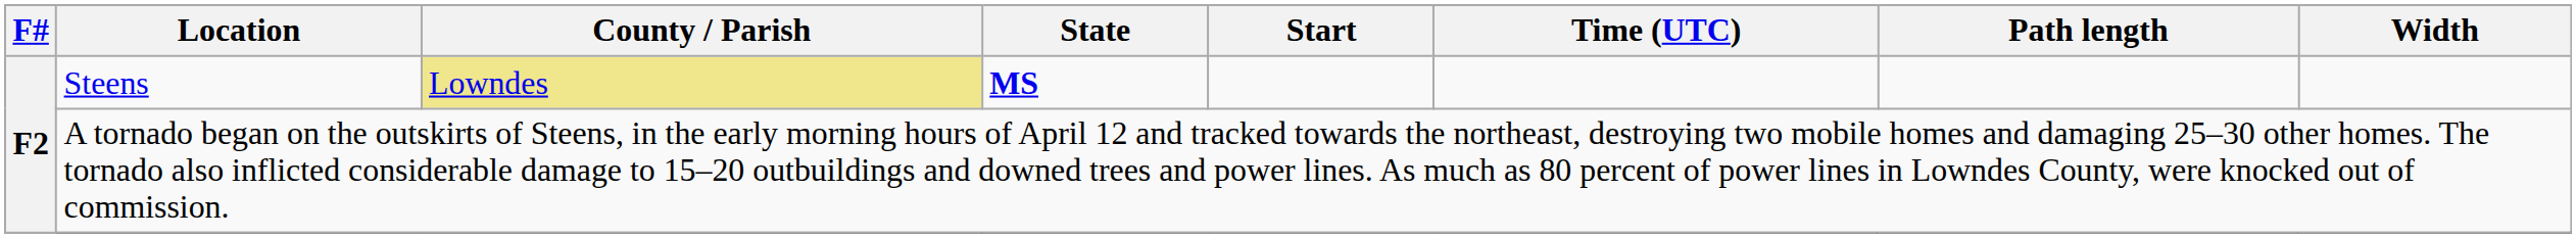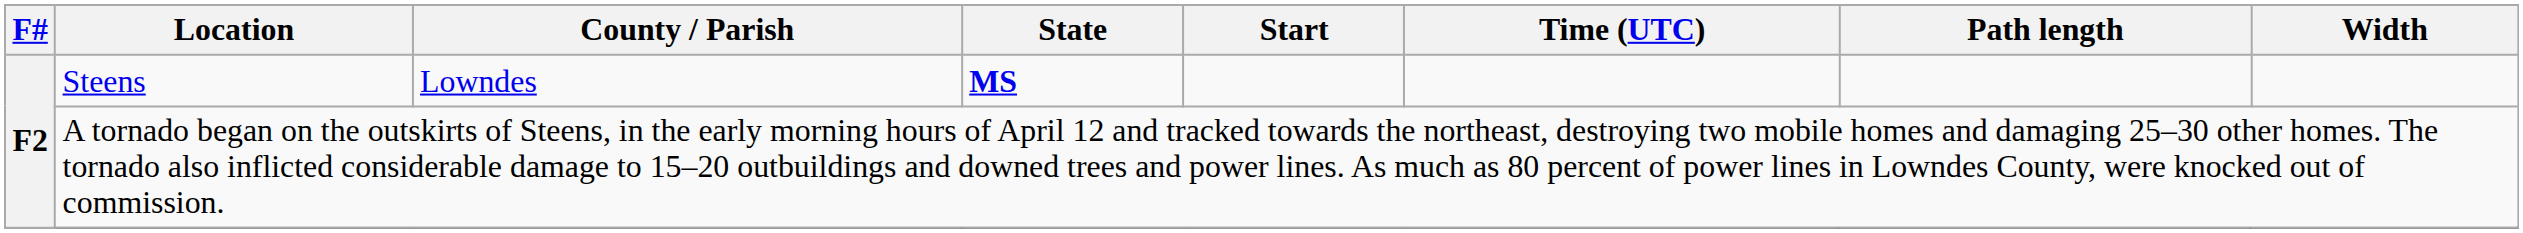 <table class="wikitable sortable collapsible" style="width:100%;">
 <tr>
 <th scope="col" width="2%" align="center"><a href='#'>F#</a></th>
 <th scope="col" align="center" class="unsortable">Location</th>
 <th scope="col" align="center" class="unsortable">County / Parish</th>
 <th scope="col" align="center">State</th>
 <th scope="col" align="center">Start </th>
 <th scope="col" align="center">Time (<a href='#'>UTC</a>)</th>
 <th scope="col" align="center">Path length</th>
 <th scope="col" align="center">Width</th>
 </tr>
 <tr>
 <th scope="row" rowspan="2" style="background-color:#">F2</th>
 <td><a href='#'>Steens</a></td>
-<td style="background: khaki;"><a href='#'>Lowndes</a></td>
+<td><a href='#'>Lowndes</a></td>
 <td><strong><a href='#'>MS</a></strong></td>
 <td></td>
 <td></td>
 <td></td>
 <td></td>
 </tr>
 <tr class="expand-child">
 <td colspan="8" style=" border-bottom: 1px solid black;">A tornado began on the outskirts of Steens, in the early morning hours of April 12 and tracked towards the northeast, destroying two mobile homes and damaging 25–30 other homes. The tornado also inflicted considerable damage to 15–20 outbuildings and downed trees and power lines. As much as 80 percent of power lines in Lowndes County, were knocked out of commission.</td>
 </tr>
 <tr>
 </tr>
 </table>
